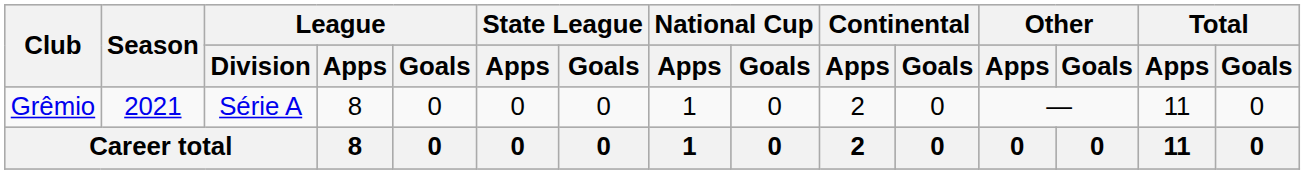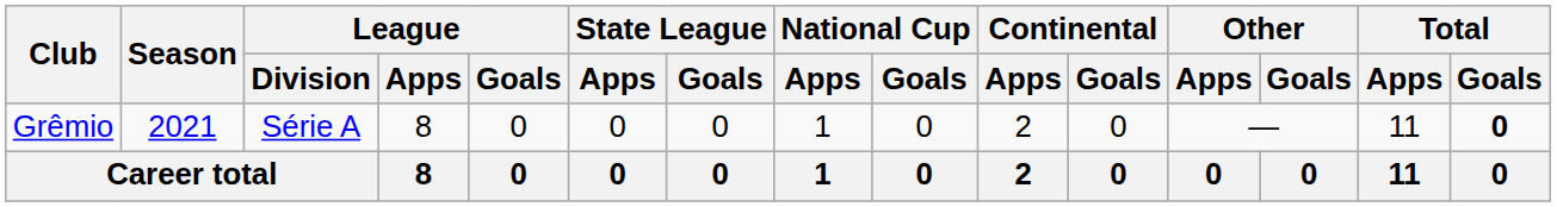 <table class="wikitable" style="text-align: center">
 <tr>
 <th rowspan="2">Club</th>
 <th rowspan="2">Season</th>
 <th colspan="3">League</th>
 <th colspan="2">State League</th>
 <th colspan="2">National Cup</th>
 <th colspan="2">Continental</th>
 <th colspan="2">Other</th>
 <th colspan="2">Total</th>
 </tr>
 <tr>
 <th>Division</th>
 <th>Apps</th>
 <th>Goals</th>
 <th>Apps</th>
 <th>Goals</th>
 <th>Apps</th>
 <th>Goals</th>
 <th>Apps</th>
 <th>Goals</th>
 <th>Apps</th>
 <th>Goals</th>
 <th>Apps</th>
 <th>Goals</th>
 </tr>
 <tr>
 <td><a href='#'>Grêmio</a></td>
 <td><a href='#'>2021</a></td>
 <td><a href='#'>Série A</a></td>
 <td>8</td>
 <td>0</td>
 <td>0</td>
 <td>0</td>
 <td>1</td>
 <td>0</td>
 <td>2</td>
 <td>0</td>
 <td colspan="2">—</td>
 <td>11</td>
-<td>0</td>
+<td><strong>0</strong></td>
 </tr>
 <tr>
 <th colspan="3"><strong>Career total</strong></th>
 <th>8</th>
 <th>0</th>
 <th>0</th>
 <th>0</th>
 <th>1</th>
 <th>0</th>
 <th>2</th>
 <th>0</th>
 <th>0</th>
 <th>0</th>
 <th>11</th>
 <th>0</th>
 </tr>
 </table>
